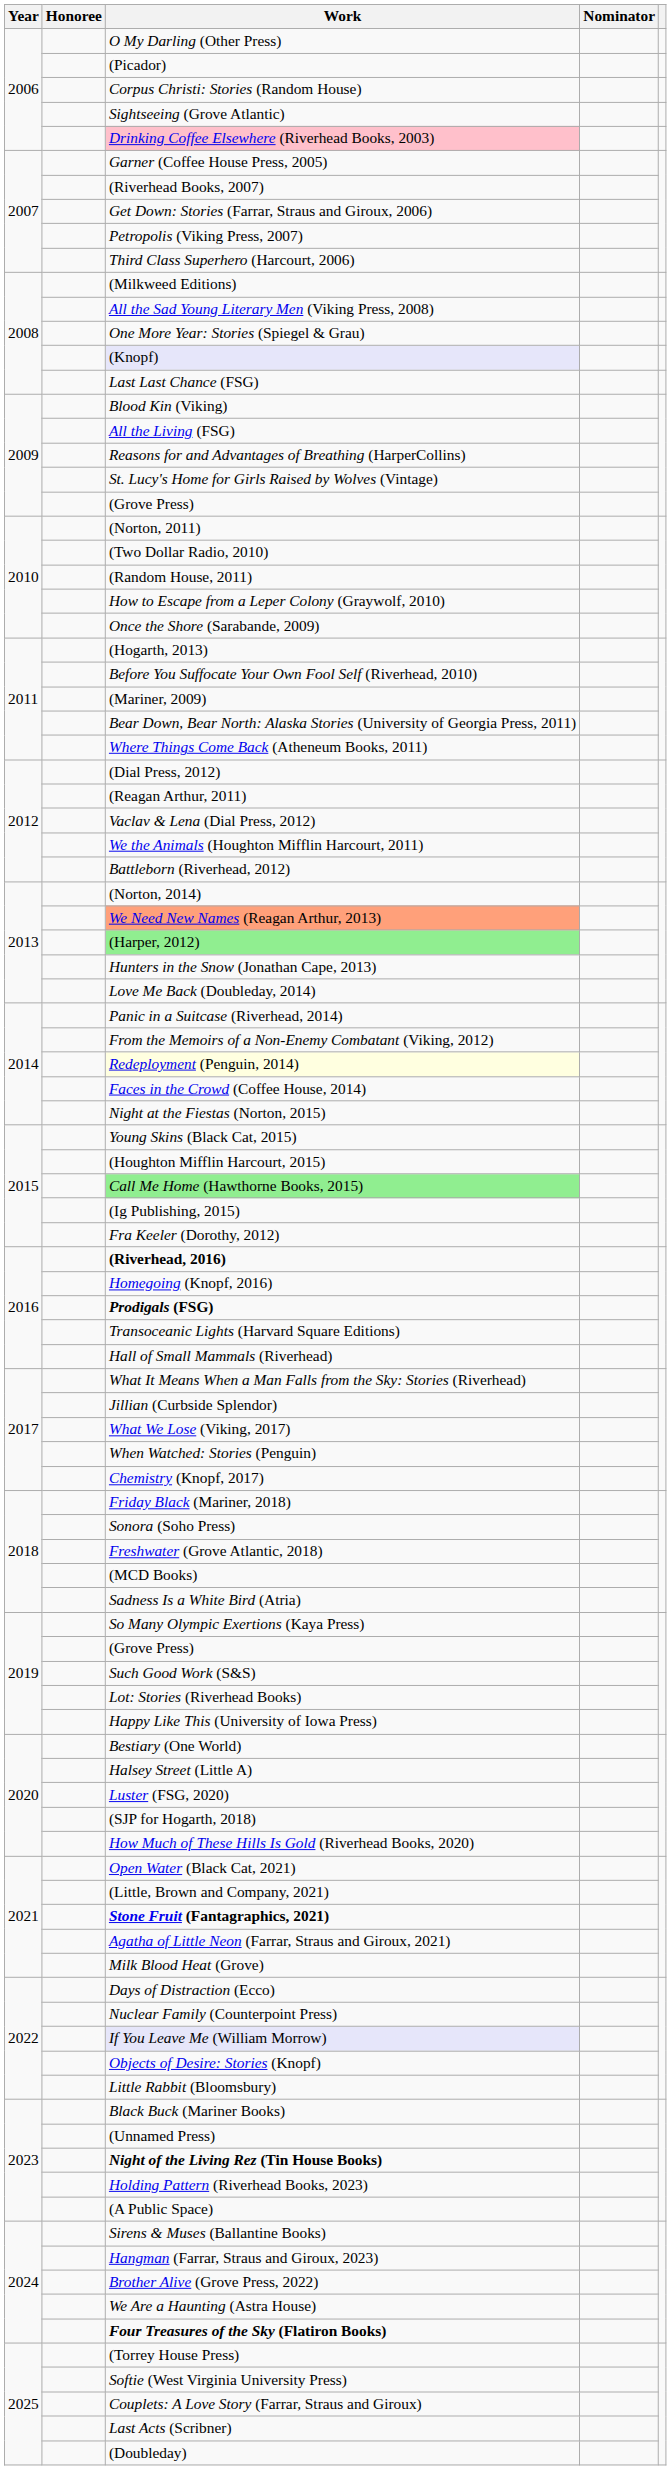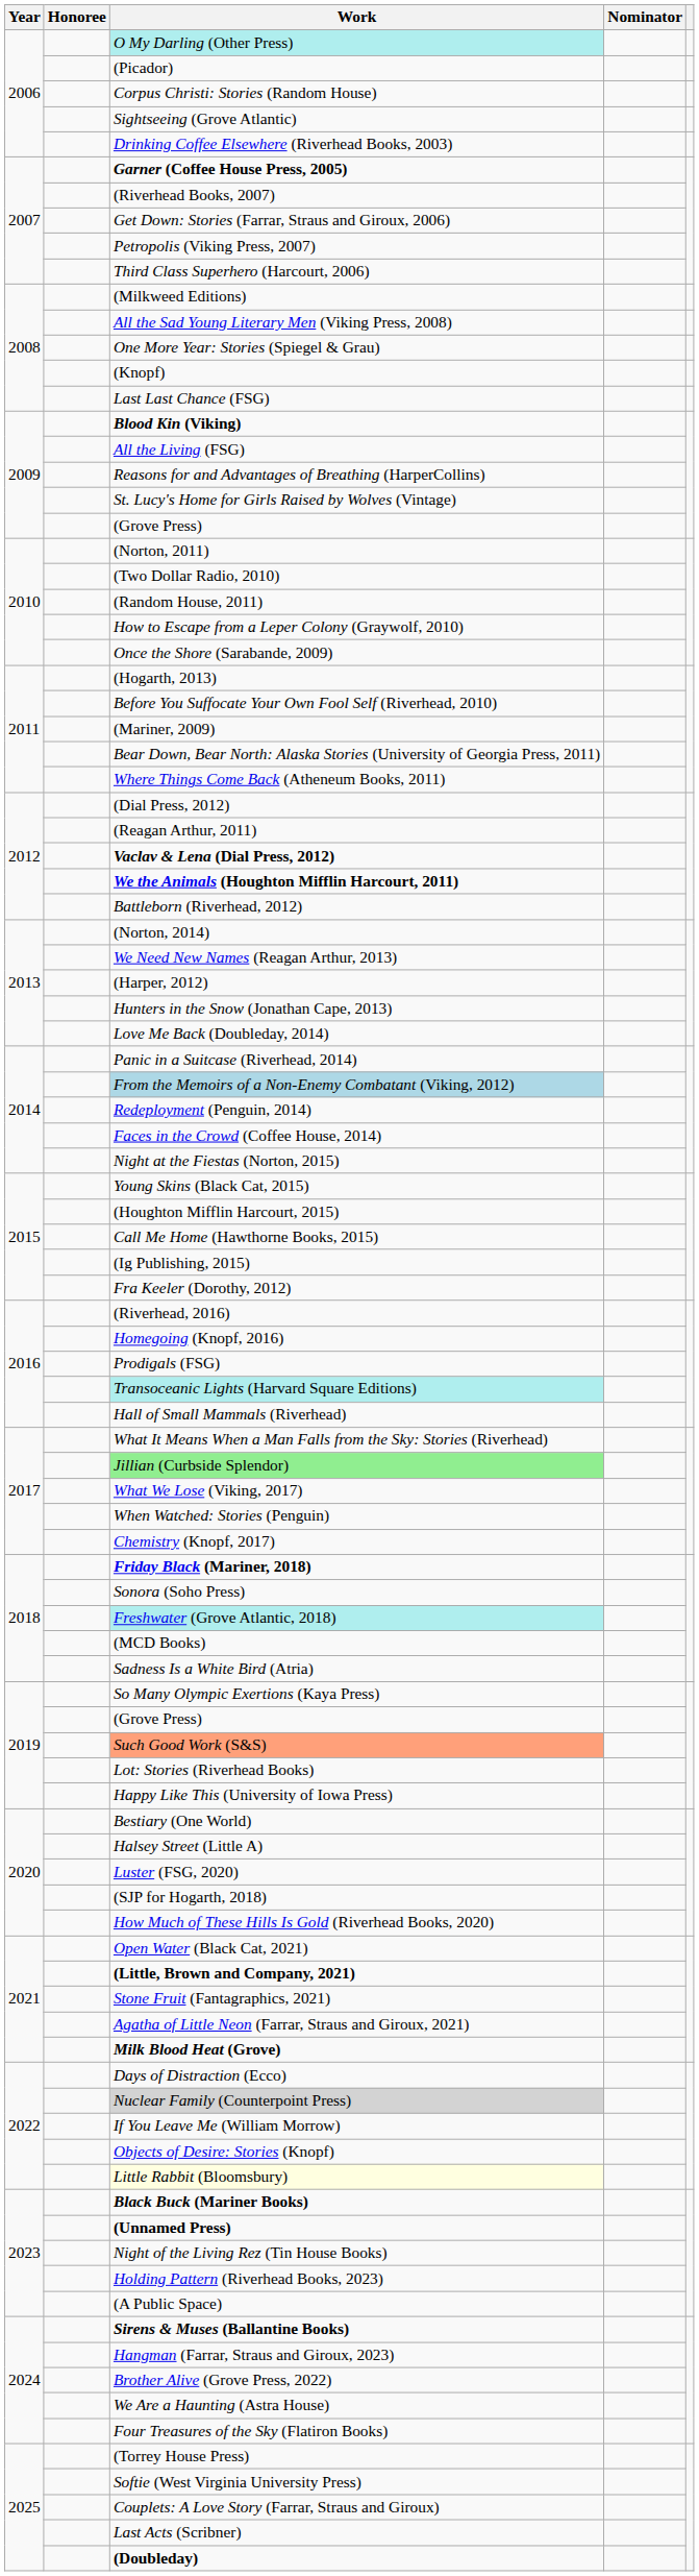 <table class="wikitable">
 <tr>
 <th scope="col">Year</th>
 <th scope="col">Honoree</th>
 <th scope="col">Work</th>
 <th scope="col">Nominator</th>
 <th scope="col"></th>
 </tr>
 <tr>
 <td rowspan="5">2006</td>
 <td></td>
-<td><em>O My Darling</em> (Other Press)</td>
+<td style="background: paleturquoise;"><em>O My Darling</em> (Other Press)</td>
 <td></td>
 <td></td>
 </tr>
 <tr>
 <td></td>
 <td><em></em> (Picador)</td>
 <td></td>
 <td></td>
 </tr>
 <tr>
 <td></td>
 <td><em>Corpus Christi: Stories</em> (Random House)</td>
 <td></td>
 <td></td>
 </tr>
 <tr>
 <td></td>
 <td><em>Sightseeing</em> (Grove Atlantic)</td>
 <td></td>
 <td></td>
 </tr>
 <tr>
 <td></td>
-<td style="background: pink;"><em><a href='#'>Drinking Coffee Elsewhere</a></em> (Riverhead Books, 2003)</td>
+<td><em><a href='#'>Drinking Coffee Elsewhere</a></em> (Riverhead Books, 2003)</td>
 <td></td>
 <td></td>
 </tr>
 <tr>
 <td rowspan="5">2007</td>
 <td></td>
-<td><em>Garner</em> (Coffee House Press, 2005)</td>
+<td><strong><em>Garner</em> (Coffee House Press, 2005)</strong></td>
 <td></td>
 <td rowspan="5"></td>
 </tr>
 <tr>
 <td></td>
 <td><em></em> (Riverhead Books, 2007)</td>
 <td></td>
 </tr>
 <tr>
 <td></td>
 <td><em>Get Down: Stories</em> (Farrar, Straus and Giroux, 2006)</td>
 <td></td>
 </tr>
 <tr>
 <td></td>
 <td><em>Petropolis</em> (Viking Press, 2007)</td>
 <td></td>
 </tr>
 <tr>
 <td></td>
 <td><em>Third Class Superhero</em> (Harcourt, 2006)</td>
 <td></td>
 </tr>
 <tr>
 <td rowspan="5">2008</td>
 <td></td>
 <td><em></em> (Milkweed Editions)</td>
 <td></td>
 <td></td>
 </tr>
 <tr>
 <td></td>
 <td><em><a href='#'>All the Sad Young Literary Men</a></em> (Viking Press, 2008)</td>
 <td></td>
 <td></td>
 </tr>
 <tr>
 <td></td>
 <td><em>One More Year: Stories</em> (Spiegel & Grau)</td>
 <td></td>
 <td></td>
 </tr>
 <tr>
 <td></td>
-<td style="background: lavender;"><em></em> (Knopf)</td>
+<td><em></em> (Knopf)</td>
 <td></td>
 <td></td>
 </tr>
 <tr>
 <td></td>
 <td><em>Last Last Chance</em> (FSG)</td>
 <td></td>
 <td></td>
 </tr>
 <tr>
 <td rowspan="5">2009</td>
 <td></td>
-<td><em>Blood Kin</em> (Viking)</td>
+<td><strong><em>Blood Kin</em> (Viking)</strong></td>
 <td></td>
 <td rowspan="5"></td>
 </tr>
 <tr>
 <td></td>
 <td><em><a href='#'>All the Living</a></em> (FSG)</td>
 <td></td>
 </tr>
 <tr>
 <td></td>
 <td><em>Reasons for and Advantages of Breathing</em> (HarperCollins)</td>
 <td></td>
 </tr>
 <tr>
 <td></td>
 <td><em>St. Lucy's Home for Girls Raised by Wolves</em> (Vintage)</td>
 <td></td>
 </tr>
 <tr>
 <td></td>
 <td><em></em> (Grove Press)</td>
 <td></td>
 </tr>
 <tr>
 <td rowspan="5">2010</td>
 <td></td>
 <td><em></em> (Norton, 2011)</td>
 <td></td>
 <td rowspan="5"></td>
 </tr>
 <tr>
 <td></td>
 <td><em></em> (Two Dollar Radio, 2010)</td>
 <td></td>
 </tr>
 <tr>
 <td></td>
 <td><em></em> (Random House, 2011)</td>
 <td></td>
 </tr>
 <tr>
 <td></td>
 <td><em>How to Escape from a Leper Colony</em> (Graywolf, 2010)</td>
 <td></td>
 </tr>
 <tr>
 <td></td>
 <td><em>Once the Shore</em> (Sarabande, 2009)</td>
 <td></td>
 </tr>
 <tr>
 <td rowspan="5">2011</td>
 <td></td>
 <td><em></em> (Hogarth, 2013)</td>
 <td></td>
 <td rowspan="5"></td>
 </tr>
 <tr>
 <td></td>
 <td><em>Before You Suffocate Your Own Fool Self</em> (Riverhead, 2010)</td>
 <td></td>
 </tr>
 <tr>
 <td></td>
 <td><em></em> (Mariner, 2009)</td>
 <td></td>
 </tr>
 <tr>
 <td></td>
 <td><em>Bear Down, Bear North: Alaska Stories</em> (University of Georgia Press, 2011)</td>
 <td></td>
 </tr>
 <tr>
 <td></td>
 <td><em><a href='#'>Where Things Come Back</a></em> (Atheneum Books, 2011)</td>
 <td></td>
 </tr>
 <tr>
 <td rowspan="5">2012</td>
 <td></td>
 <td><em></em> (Dial Press, 2012)</td>
 <td></td>
 <td rowspan="5"></td>
 </tr>
 <tr>
 <td></td>
 <td><em></em> (Reagan Arthur, 2011)</td>
 <td></td>
 </tr>
 <tr>
 <td></td>
-<td><em>Vaclav & Lena</em> (Dial Press, 2012)</td>
+<td><strong><em>Vaclav & Lena</em> (Dial Press, 2012)</strong></td>
 <td></td>
 </tr>
 <tr>
 <td></td>
-<td><em><a href='#'>We the Animals</a></em> (Houghton Mifflin Harcourt, 2011)</td>
+<td><strong><em><a href='#'>We the Animals</a></em> (Houghton Mifflin Harcourt, 2011)</strong></td>
 <td></td>
 </tr>
 <tr>
 <td></td>
 <td><em>Battleborn</em> (Riverhead, 2012)</td>
 <td></td>
 </tr>
 <tr>
 <td rowspan="5">2013</td>
 <td></td>
 <td><em></em> (Norton, 2014)</td>
 <td></td>
 <td rowspan="5"></td>
 </tr>
 <tr>
 <td></td>
-<td style="background: lightsalmon;"><em><a href='#'>We Need New Names</a></em> (Reagan Arthur, 2013)</td>
+<td><em><a href='#'>We Need New Names</a></em> (Reagan Arthur, 2013)</td>
 <td></td>
 </tr>
 <tr>
 <td></td>
-<td style="background: lightgreen;"><em></em> (Harper, 2012)</td>
+<td><em></em> (Harper, 2012)</td>
 <td></td>
 </tr>
 <tr>
 <td></td>
 <td><em>Hunters in the Snow</em> (Jonathan Cape, 2013)</td>
 <td></td>
 </tr>
 <tr>
 <td></td>
 <td><em>Love Me Back</em> (Doubleday, 2014)</td>
 <td></td>
 </tr>
 <tr>
 <td rowspan="5">2014</td>
 <td></td>
 <td><em>Panic in a Suitcase</em> (Riverhead, 2014)</td>
 <td></td>
 <td rowspan="5"></td>
 </tr>
 <tr>
 <td></td>
-<td><em>From the Memoirs of a Non-Enemy Combatant</em> (Viking, 2012)</td>
+<td style="background: lightblue;"><em>From the Memoirs of a Non-Enemy Combatant</em> (Viking, 2012)</td>
 <td></td>
 </tr>
 <tr>
 <td></td>
-<td style="background: lightyellow;"><em><a href='#'>Redeployment</a></em> (Penguin, 2014)</td>
+<td><em><a href='#'>Redeployment</a></em> (Penguin, 2014)</td>
 <td></td>
 </tr>
 <tr>
 <td></td>
 <td><em><a href='#'>Faces in the Crowd</a></em> (Coffee House, 2014)</td>
 <td></td>
 </tr>
 <tr>
 <td></td>
 <td><em>Night at the Fiestas</em> (Norton, 2015)</td>
 <td></td>
 </tr>
 <tr>
 <td rowspan="5">2015</td>
 <td></td>
 <td><em>Young Skins</em> (Black Cat, 2015)</td>
 <td></td>
 <td rowspan="5"></td>
 </tr>
 <tr>
 <td></td>
 <td><em></em> (Houghton Mifflin Harcourt, 2015)</td>
 <td></td>
 </tr>
 <tr>
 <td></td>
-<td style="background: lightgreen;"><em>Call Me Home</em> (Hawthorne Books, 2015)</td>
+<td><em>Call Me Home</em> (Hawthorne Books, 2015)</td>
 <td></td>
 </tr>
 <tr>
 <td></td>
 <td><em></em> (Ig Publishing, 2015)</td>
 <td></td>
 </tr>
 <tr>
 <td></td>
 <td><em>Fra Keeler</em> (Dorothy, 2012)</td>
 <td></td>
 </tr>
 <tr>
 <td rowspan="5">2016</td>
 <td></td>
-<td><strong><em></em> (Riverhead, 2016)</strong></td>
+<td><em></em> (Riverhead, 2016)</td>
 <td></td>
 <td rowspan="5"></td>
 </tr>
 <tr>
 <td></td>
 <td><em><a href='#'>Homegoing</a></em> (Knopf, 2016)</td>
 <td></td>
 </tr>
 <tr>
 <td></td>
-<td><strong><em>Prodigals</em> (FSG)</strong></td>
+<td><em>Prodigals</em> (FSG)</td>
 <td></td>
 </tr>
 <tr>
 <td></td>
-<td><em>Transoceanic Lights</em> (Harvard Square Editions)</td>
+<td style="background: paleturquoise;"><em>Transoceanic Lights</em> (Harvard Square Editions)</td>
 <td></td>
 </tr>
 <tr>
 <td></td>
 <td><em>Hall of Small Mammals</em> (Riverhead)</td>
 <td></td>
 </tr>
 <tr>
 <td rowspan="5">2017</td>
 <td></td>
 <td><em>What It Means When a Man Falls from the Sky: Stories</em> (Riverhead)</td>
 <td></td>
 <td rowspan="5"></td>
 </tr>
 <tr>
 <td></td>
-<td><em>Jillian</em> (Curbside Splendor)</td>
+<td style="background: lightgreen;"><em>Jillian</em> (Curbside Splendor)</td>
 <td></td>
 </tr>
 <tr>
 <td></td>
 <td><em><a href='#'>What We Lose</a></em> (Viking, 2017)</td>
 <td></td>
 </tr>
 <tr>
 <td></td>
 <td><em>When Watched: Stories</em> (Penguin)</td>
 <td></td>
 </tr>
 <tr>
 <td></td>
 <td><em><a href='#'>Chemistry</a></em> (Knopf, 2017)</td>
 <td></td>
 </tr>
 <tr>
 <td rowspan="5">2018</td>
 <td></td>
-<td><em><a href='#'>Friday Black</a></em> (Mariner, 2018)</td>
+<td><strong><em><a href='#'>Friday Black</a></em> (Mariner, 2018)</strong></td>
 <td></td>
 <td rowspan="5"></td>
 </tr>
 <tr>
 <td></td>
 <td><em>Sonora</em> (Soho Press)</td>
 <td></td>
 </tr>
 <tr>
 <td></td>
-<td><em><a href='#'>Freshwater</a></em> (Grove Atlantic, 2018)</td>
+<td style="background: paleturquoise;"><em><a href='#'>Freshwater</a></em> (Grove Atlantic, 2018)</td>
 <td></td>
 </tr>
 <tr>
 <td></td>
 <td><em></em> (MCD Books)</td>
 <td></td>
 </tr>
 <tr>
 <td></td>
 <td><em>Sadness Is a White Bird</em> (Atria)</td>
 <td></td>
 </tr>
 <tr>
 <td rowspan="5">2019</td>
 <td></td>
 <td><em>So Many Olympic Exertions</em> (Kaya Press)</td>
 <td></td>
 <td rowspan="5"></td>
 </tr>
 <tr>
 <td></td>
 <td><em></em> (Grove Press)</td>
 <td></td>
 </tr>
 <tr>
 <td></td>
-<td><em>Such Good Work</em> (S&S)</td>
+<td style="background: lightsalmon;"><em>Such Good Work</em> (S&S)</td>
 <td></td>
 </tr>
 <tr>
 <td></td>
 <td><em>Lot: Stories</em> (Riverhead Books)</td>
 <td></td>
 </tr>
 <tr>
 <td></td>
 <td><em>Happy Like This</em> (University of Iowa Press)</td>
 <td></td>
 </tr>
 <tr>
 <td rowspan="5">2020</td>
 <td></td>
 <td><em>Bestiary</em> (One World)</td>
 <td></td>
 <td rowspan="5"></td>
 </tr>
 <tr>
 <td></td>
 <td><em>Halsey Street</em> (Little A)</td>
 <td></td>
 </tr>
 <tr>
 <td></td>
 <td><em><a href='#'>Luster</a></em> (FSG, 2020)</td>
 <td></td>
 </tr>
 <tr>
 <td></td>
 <td><em></em> (SJP for Hogarth, 2018)</td>
 <td></td>
 </tr>
 <tr>
 <td></td>
 <td><em><a href='#'>How Much of These Hills Is Gold</a></em> (Riverhead Books, 2020)</td>
 <td></td>
 </tr>
 <tr>
 <td rowspan="5">2021</td>
 <td></td>
 <td><em><a href='#'>Open Water</a></em> (Black Cat, 2021)</td>
 <td></td>
 <td rowspan="5"></td>
 </tr>
 <tr>
 <td></td>
-<td><em></em> (Little, Brown and Company, 2021)</td>
+<td><strong><em></em> (Little, Brown and Company, 2021)</strong></td>
 <td></td>
 </tr>
 <tr>
 <td></td>
-<td><strong><em><a href='#'>Stone Fruit</a></em> (Fantagraphics, 2021)</strong></td>
+<td><em><a href='#'>Stone Fruit</a></em> (Fantagraphics, 2021)</td>
 <td></td>
 </tr>
 <tr>
 <td></td>
 <td><em><a href='#'>Agatha of Little Neon</a></em> (Farrar, Straus and Giroux, 2021)</td>
 <td></td>
 </tr>
 <tr>
 <td></td>
-<td><em>Milk Blood Heat</em> (Grove)</td>
+<td><strong><em>Milk Blood Heat</em> (Grove)</strong></td>
 <td></td>
 </tr>
 <tr>
 <td rowspan="5">2022</td>
 <td></td>
 <td><em>Days of Distraction</em> (Ecco)</td>
 <td></td>
 <td rowspan="5"></td>
 </tr>
 <tr>
 <td></td>
-<td><em>Nuclear Family</em> (Counterpoint Press)</td>
+<td style="background: lightgrey;"><em>Nuclear Family</em> (Counterpoint Press)</td>
 <td></td>
 </tr>
 <tr>
 <td></td>
-<td style="background: lavender;"><em>If You Leave Me</em> (William Morrow)</td>
+<td><em>If You Leave Me</em> (William Morrow)</td>
 <td></td>
 </tr>
 <tr>
 <td></td>
 <td><em><a href='#'>Objects of Desire: Stories</a></em> (Knopf)</td>
 <td></td>
 </tr>
 <tr>
 <td></td>
-<td><em>Little Rabbit</em> (Bloomsbury)</td>
+<td style="background: lightyellow;"><em>Little Rabbit</em> (Bloomsbury)</td>
 <td></td>
 </tr>
 <tr>
 <td rowspan="5">2023</td>
 <td></td>
-<td><em>Black Buck</em> (Mariner Books)</td>
+<td><strong><em>Black Buck</em> (Mariner Books)</strong></td>
 <td></td>
 <td rowspan="5"></td>
 </tr>
 <tr>
 <td></td>
-<td><em></em> (Unnamed Press)</td>
+<td><strong><em></em> (Unnamed Press)</strong></td>
 <td></td>
 </tr>
 <tr>
 <td></td>
-<td><strong><em>Night of the Living Rez</em> (Tin House Books)</strong></td>
+<td><em>Night of the Living Rez</em> (Tin House Books)</td>
 <td></td>
 </tr>
 <tr>
 <td></td>
 <td><em><a href='#'>Holding Pattern</a></em> (Riverhead Books, 2023)</td>
 <td></td>
 </tr>
 <tr>
 <td></td>
 <td><em></em> (A Public Space)</td>
 <td></td>
 </tr>
 <tr>
 <td rowspan="5">2024</td>
 <td></td>
-<td><em>Sirens & Muses</em> (Ballantine Books)</td>
+<td><strong><em>Sirens & Muses</em> (Ballantine Books)</strong></td>
 <td></td>
 <td rowspan="5"></td>
 </tr>
 <tr>
 <td></td>
 <td><em><a href='#'>Hangman</a></em> (Farrar, Straus and Giroux, 2023)</td>
 <td></td>
 </tr>
 <tr>
 <td></td>
 <td><em><a href='#'>Brother Alive</a></em> (Grove Press, 2022)</td>
 <td></td>
 </tr>
 <tr>
 <td></td>
 <td><em>We Are a Haunting</em> (Astra House)</td>
 <td></td>
 </tr>
 <tr>
 <td></td>
-<td><strong><em>Four Treasures of the Sky</em> (Flatiron Books)</strong></td>
+<td><em>Four Treasures of the Sky</em> (Flatiron Books)</td>
 <td></td>
 </tr>
 <tr>
 <td rowspan="5">2025</td>
 <td></td>
 <td><em></em> (Torrey House Press)</td>
 <td></td>
 <td rowspan="5"></td>
 </tr>
 <tr>
 <td></td>
 <td><em>Softie</em> (West Virginia University Press)</td>
 <td></td>
 </tr>
 <tr>
 <td></td>
 <td><em>Couplets: A Love Story</em> (Farrar, Straus and Giroux)</td>
 <td></td>
 </tr>
 <tr>
 <td></td>
 <td><em>Last Acts</em> (Scribner)</td>
 <td></td>
 </tr>
 <tr>
 <td></td>
-<td><em></em> (Doubleday)</td>
+<td><strong><em></em> (Doubleday)</strong></td>
 <td></td>
 </tr>
 </table>
